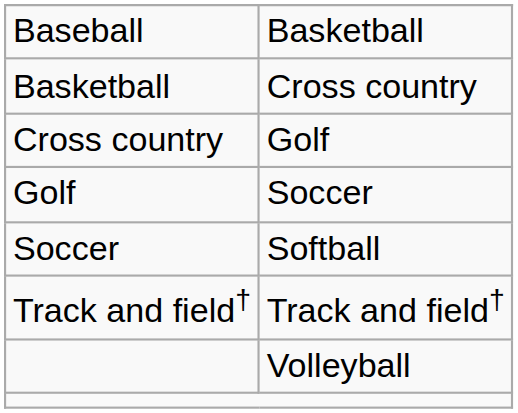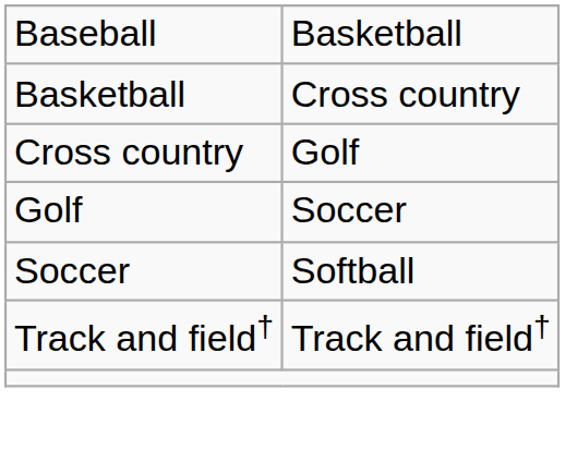 <table class="wikitable">
 <tr>
 </tr>
 <tr>
 <td>Baseball</td>
 <td>Basketball</td>
 </tr>
 <tr>
 <td>Basketball</td>
 <td>Cross country</td>
 </tr>
 <tr>
 <td>Cross country</td>
 <td>Golf</td>
 </tr>
 <tr>
 <td>Golf</td>
 <td>Soccer</td>
 </tr>
 <tr>
 <td>Soccer</td>
 <td>Softball</td>
 </tr>
 <tr>
 <td>Track and field<sup>†</sup></td>
 <td>Track and field<sup>†</sup></td>
 </tr>
 <tr>
-<td></td>
-<td>Volleyball</td>
-</tr>
-<tr>
 <td colspan="2"></td>
 </tr>
 </table>
